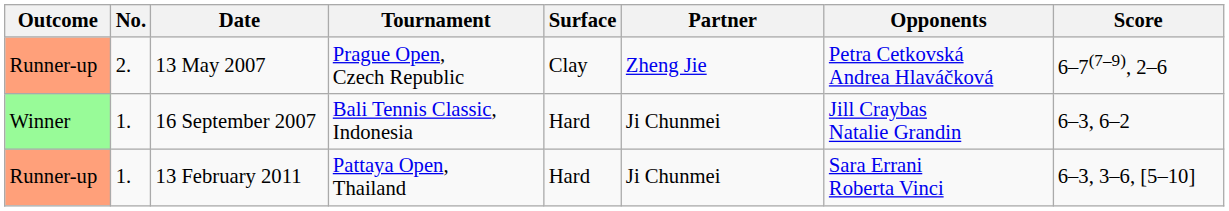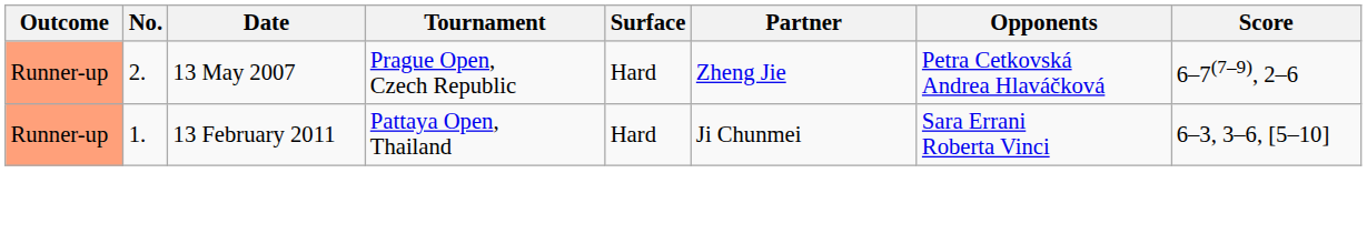 <table class="sortable wikitable">
 <tr style="background:#efefef;">
 <th style="width:75px;">Outcome</th>
 <th style="width:20px;">No.</th>
 <th style="width:130px;">Date</th>
 <th style="width:160px;">Tournament</th>
 <th style="width:50px;">Surface</th>
 <th style="width:150px;">Partner</th>
 <th style="width:170px;">Opponents</th>
 <th style="width:125px;" class="unsortable">Score</th>
 </tr>
 <tr>
 <td style="background:#ffa07a;">Runner-up</td>
 <td>2.</td>
 <td>13 May 2007</td>
 <td><a href='#'>Prague Open</a>, <br>Czech Republic</td>
-<td>Clay</td>
+<td>Hard</td>
 <td> <a href='#'>Zheng Jie</a></td>
 <td> <a href='#'>Petra Cetkovská</a> <br>  <a href='#'>Andrea Hlaváčková</a></td>
 <td>6–7<sup>(7–9)</sup>, 2–6</td>
-</tr>
-<tr>
-<td style="background:#98fb98;">Winner</td>
-<td>1.</td>
-<td>16 September 2007</td>
-<td><a href='#'>Bali Tennis Classic</a>, Indonesia</td>
-<td>Hard</td>
-<td> Ji Chunmei</td>
-<td> <a href='#'>Jill Craybas</a> <br>  <a href='#'>Natalie Grandin</a></td>
-<td>6–3, 6–2</td>
 </tr>
 <tr>
 <td style="background:#ffa07a;">Runner-up</td>
 <td>1.</td>
 <td>13 February 2011</td>
 <td><a href='#'>Pattaya Open</a>, <br>Thailand</td>
 <td>Hard</td>
 <td> Ji Chunmei</td>
 <td> <a href='#'>Sara Errani</a> <br>  <a href='#'>Roberta Vinci</a></td>
 <td>6–3, 3–6, [5–10]</td>
 </tr>
 </table>
